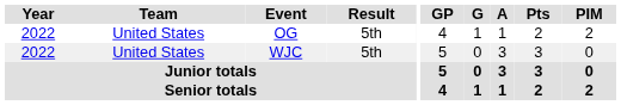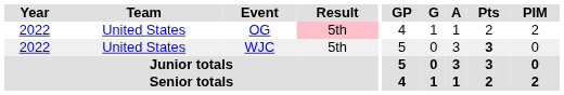 <table border="0" cellpadding="1" cellspacing="0" ID="Table3" style="text-align:center; width:40em;">
 <tr bgcolor="#e0e0e0">
 <th>Year</th>
 <th>Team</th>
 <th>Event</th>
 <th>Result</th>
 <th rowspan="98" bgcolor="#ffffff"></th>
 <th>GP</th>
 <th>G</th>
 <th>A</th>
 <th>Pts</th>
 <th>PIM</th>
 </tr>
 <tr>
 <td><a href='#'>2022</a></td>
 <td><a href='#'>United States</a></td>
 <td><a href='#'>OG</a></td>
-<td>5th</td>
+<td style="background: pink;">5th</td>
 <td>4</td>
 <td>1</td>
 <td>1</td>
 <td>2</td>
 <td>2</td>
 </tr>
 <tr bgcolor="#f0f0f0">
 <td><a href='#'>2022</a></td>
 <td><a href='#'>United States</a></td>
 <td><a href='#'>WJC</a></td>
 <td>5th</td>
 <td>5</td>
 <td>0</td>
 <td>3</td>
-<td>3</td>
+<td><strong>3</strong></td>
 <td>0</td>
 </tr>
 <tr bgcolor="#e0e0e0">
 <th colspan="4">Junior totals</th>
 <th>5</th>
 <th>0</th>
 <th>3</th>
 <th>3</th>
 <th>0</th>
 </tr>
 <tr bgcolor="#e0e0e0">
 <th colspan="4">Senior totals</th>
 <th>4</th>
 <th>1</th>
 <th>1</th>
 <th>2</th>
 <th>2</th>
 </tr>
 </table>
